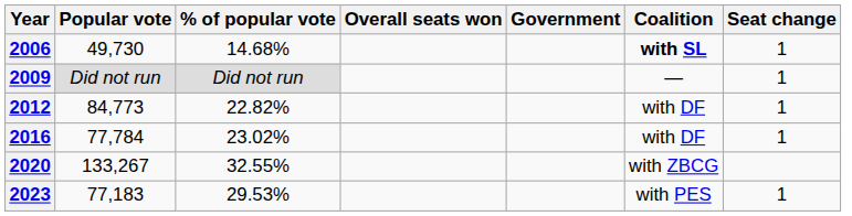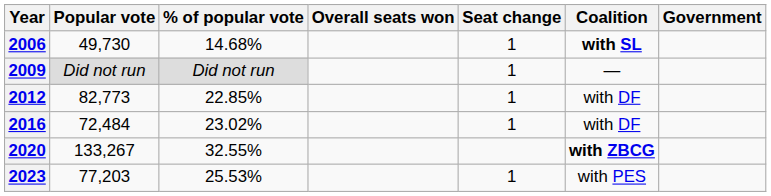 <table class="wikitable" style="text-align:center">
 <tr>
 <th>Year</th>
 <th>Popular vote</th>
 <th>% of popular vote</th>
 <th>Overall seats won</th>
+<th>Seat change</th>
+<th>Coalition</th>
 <th>Government</th>
-<th>Coalition</th>
-<th>Seat change</th>
 </tr>
 <tr>
 <th><a href='#'>2006</a></th>
 <td>49,730</td>
 <td>14.68%</td>
 <td></td>
+<td> 1</td>
+<td><strong>with <a href='#'>SL</a></strong></td>
 <td></td>
-<td><strong>with <a href='#'>SL</a></strong></td>
-<td> 1</td>
 </tr>
 <tr>
 <th><a href='#'>2009</a></th>
 <td style="background:#ddd;"><em>Did not run</em></td>
 <td style="background:#ddd;"><em>Did not run</em></td>
 <td></td>
+<td> 1</td>
+<td>—</td>
 <td></td>
-<td>—</td>
-<td> 1</td>
 </tr>
 <tr>
 <th><a href='#'>2012</a></th>
-<td>84,773</td>
-<td>22.82%</td>
+<td>82,773</td>
+<td>22.85%</td>
 <td></td>
+<td> 1</td>
+<td>with <a href='#'>DF</a></td>
 <td></td>
-<td>with <a href='#'>DF</a></td>
-<td> 1</td>
 </tr>
 <tr>
 <th><a href='#'>2016</a></th>
-<td>77,784</td>
+<td>72,484</td>
 <td>23.02%</td>
 <td></td>
+<td> 1</td>
+<td>with <a href='#'>DF</a></td>
 <td></td>
-<td>with <a href='#'>DF</a></td>
-<td> 1</td>
 </tr>
 <tr>
 <th><a href='#'>2020</a></th>
 <td>133,267</td>
 <td>32.55%</td>
 <td></td>
 <td></td>
-<td>with <a href='#'>ZBCG</a></td>
+<td><strong>with <a href='#'>ZBCG</a></strong></td>
 <td></td>
 </tr>
 <tr>
 <th><a href='#'>2023</a></th>
-<td>77,183</td>
-<td>29.53%</td>
+<td>77,203</td>
+<td>25.53%</td>
 <td></td>
+<td> 1</td>
+<td>with <a href='#'>PES</a></td>
 <td></td>
-<td>with <a href='#'>PES</a></td>
-<td> 1</td>
 </tr>
 </table>
